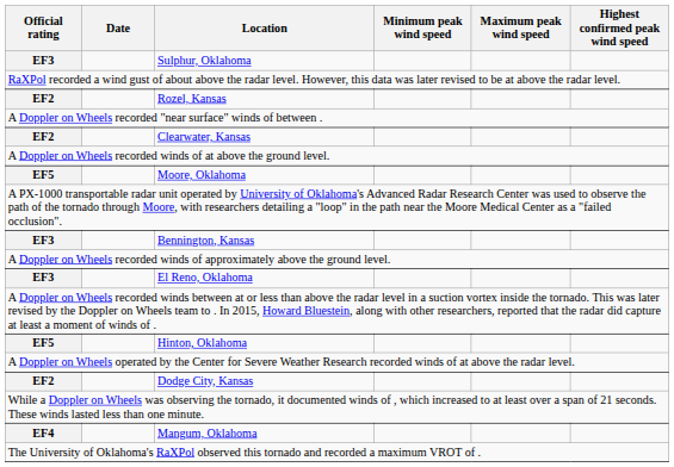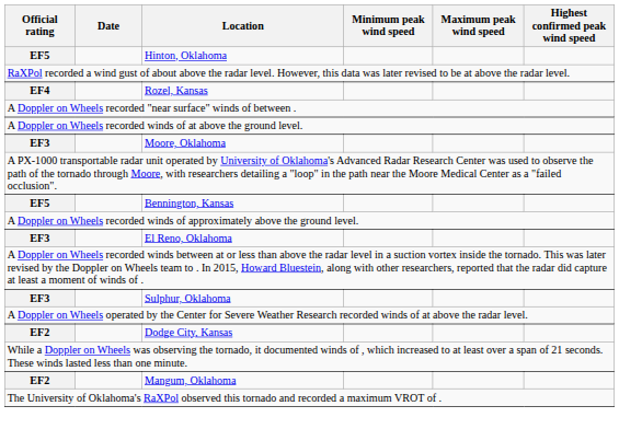 <table class="wikitable sortable" style="width:100%;">
 <tr>
 <th scope="col" style="width:4%;" class="unsortable">Official rating</th>
 <th scope="col" style="width:5%;">Date</th>
 <th scope="col" style="width:15%;" class="unsortable">Location</th>
 <th scope="col" style="width:5%;">Minimum peak wind speed</th>
 <th scope="col" style="width:5%;">Maximum peak wind speed</th>
 <th scope="col" style="width:5%;">Highest confirmed peak wind speed</th>
 </tr>
 <tr>
-<th style="background-color:#">EF3</th>
+<th style="background-color:#">EF5</th>
 <td></td>
-<td><a href='#'>Sulphur, Oklahoma</a></td>
+<td><a href='#'>Hinton, Oklahoma</a></td>
 <td></td>
 <td></td>
 <td><strong></strong></td>
 </tr>
 <tr class="expand-child">
 <td colspan="6" style=" border-bottom: 1px solid black;"><a href='#'>RaXPol</a> recorded a wind gust of  about  above the radar level. However, this data was later revised to be  at  above the radar level.</td>
 </tr>
 <tr>
-<th style="background-color:#">EF2</th>
+<th style="background-color:#">EF4</th>
 <td></td>
 <td><a href='#'>Rozel, Kansas</a></td>
 <td></td>
 <td></td>
 <td><strong></strong></td>
 </tr>
 <tr class="expand-child">
 <td colspan="6" style=" border-bottom: 1px solid black;">A <a href='#'>Doppler on Wheels</a> recorded "near surface" winds of between .</td>
 </tr>
-<tr>
-<th style="background-color:#">EF2</th>
-<td></td>
-<td><a href='#'>Clearwater, Kansas</a></td>
-<td></td>
-<td></td>
-<td><strong></strong></td>
-</tr>
 <tr class="expand-child">
 <td colspan="6" style=" border-bottom: 1px solid black;">A <a href='#'>Doppler on Wheels</a> recorded winds of  at  above the ground level.</td>
 </tr>
 <tr>
-<th style="background-color:#">EF5</th>
+<th style="background-color:#">EF3</th>
 <td></td>
 <td><a href='#'>Moore, Oklahoma</a></td>
 <td></td>
 <td></td>
 <td><strong></strong></td>
 </tr>
 <tr class="expand-child">
 <td colspan="6" style=" border-bottom: 1px solid black;">A PX-1000 transportable radar unit operated by <a href='#'>University of Oklahoma</a>'s Advanced Radar Research Center was used to observe the path of the tornado through <a href='#'>Moore</a>, with researchers detailing a "loop" in the path near the Moore Medical Center as a "failed occlusion".</td>
 </tr>
 <tr>
-<th style="background-color:#">EF3</th>
+<th style="background-color:#">EF5</th>
 <td></td>
 <td><a href='#'>Bennington, Kansas</a></td>
 <td></td>
 <td></td>
 <td><strong></strong></td>
 </tr>
 <tr class="expand-child">
 <td colspan="6" style=" border-bottom: 1px solid black;">A <a href='#'>Doppler on Wheels</a> recorded winds of  approximately  above the ground level.</td>
 </tr>
 <tr>
 <th style="background-color:#">EF3</th>
 <td></td>
 <td><a href='#'>El Reno, Oklahoma</a></td>
 <td></td>
 <td></td>
 <td><strong></strong></td>
 </tr>
 <tr class="expand-child">
 <td colspan="6" style=" border-bottom: 1px solid black;">A <a href='#'>Doppler on Wheels</a> recorded winds between  at or less than  above the radar level in a suction vortex inside the tornado. This was later revised by the Doppler on Wheels team to . In 2015, <a href='#'>Howard Bluestein</a>, along with other researchers, reported that the radar did capture at least a moment of winds of .</td>
 </tr>
 <tr>
-<th style="background-color:#">EF5</th>
+<th style="background-color:#">EF3</th>
 <td></td>
-<td><a href='#'>Hinton, Oklahoma</a></td>
+<td><a href='#'>Sulphur, Oklahoma</a></td>
 <td></td>
 <td></td>
 <td><strong></strong></td>
 </tr>
 <tr class="expand-child">
 <td colspan="6" style=" border-bottom: 1px solid black;">A <a href='#'>Doppler on Wheels</a> operated by the Center for Severe Weather Research recorded winds of  at  above the radar level.</td>
 </tr>
 <tr>
 <th style="background-color:#">EF2</th>
 <td></td>
 <td><a href='#'>Dodge City, Kansas</a></td>
 <td></td>
 <td></td>
 <td><strong></strong></td>
 </tr>
 <tr class="expand-child">
 <td colspan="6" style=" border-bottom: 1px solid black;">While a <a href='#'>Doppler on Wheels</a> was observing the tornado, it documented winds of , which increased to at least  over a span of 21 seconds. These winds lasted less than one minute.</td>
 </tr>
 <tr>
-<th style="background-color:#">EF4</th>
+<th style="background-color:#">EF2</th>
 <td></td>
 <td><a href='#'>Mangum, Oklahoma</a></td>
 <td></td>
 <td></td>
 <td><strong></strong></td>
 </tr>
 <tr class="expand-child">
 <td colspan="6" style=" border-bottom: 1px solid black;">The University of Oklahoma's <a href='#'>RaXPol</a> observed this tornado and recorded a maximum VROT of .</td>
 </tr>
 </table>
